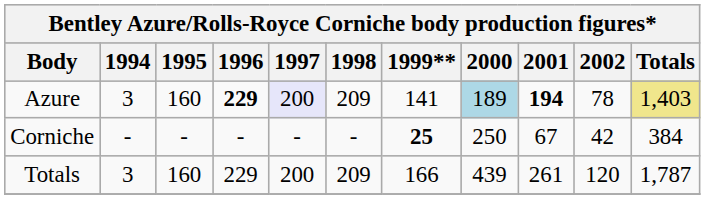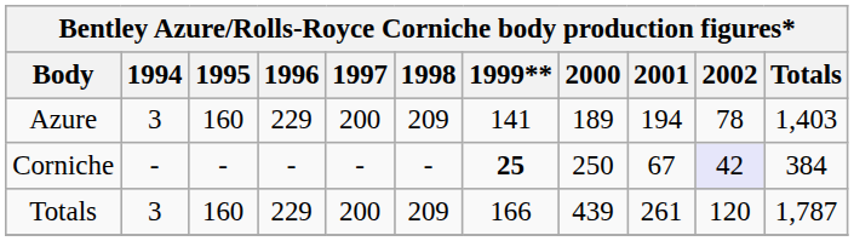 <table class="wikitable" style="text-align:center; font-size:90%;">
 <tr>
 <th colspan="15">Bentley Azure/Rolls-Royce Corniche body production figures*</th>
 </tr>
 <tr>
 <th>Body</th>
 <th>1994</th>
 <th>1995</th>
 <th>1996</th>
 <th>1997</th>
 <th>1998</th>
 <th>1999**</th>
 <th>2000</th>
 <th>2001</th>
 <th>2002</th>
 <th>Totals</th>
 </tr>
 <tr>
 <td>Azure</td>
 <td>3</td>
 <td>160</td>
-<td><strong>229</strong></td>
-<td style="background: lavender;">200</td>
+<td>229</td>
+<td>200</td>
 <td>209</td>
 <td>141</td>
-<td style="background: lightblue;">189</td>
-<td><strong>194</strong></td>
+<td>189</td>
+<td>194</td>
 <td>78</td>
-<td style="background: khaki;">1,403</td>
+<td>1,403</td>
 </tr>
 <tr>
 <td>Corniche</td>
 <td>-</td>
 <td>-</td>
 <td>-</td>
 <td>-</td>
 <td>-</td>
 <td><strong>25</strong></td>
 <td>250</td>
 <td>67</td>
-<td>42</td>
+<td style="background: lavender;">42</td>
 <td>384</td>
 </tr>
 <tr>
 <td>Totals</td>
 <td>3</td>
 <td>160</td>
 <td>229</td>
 <td>200</td>
 <td>209</td>
 <td>166</td>
 <td>439</td>
 <td>261</td>
 <td>120</td>
 <td>1,787</td>
 </tr>
 <tr>
 </tr>
 </table>
